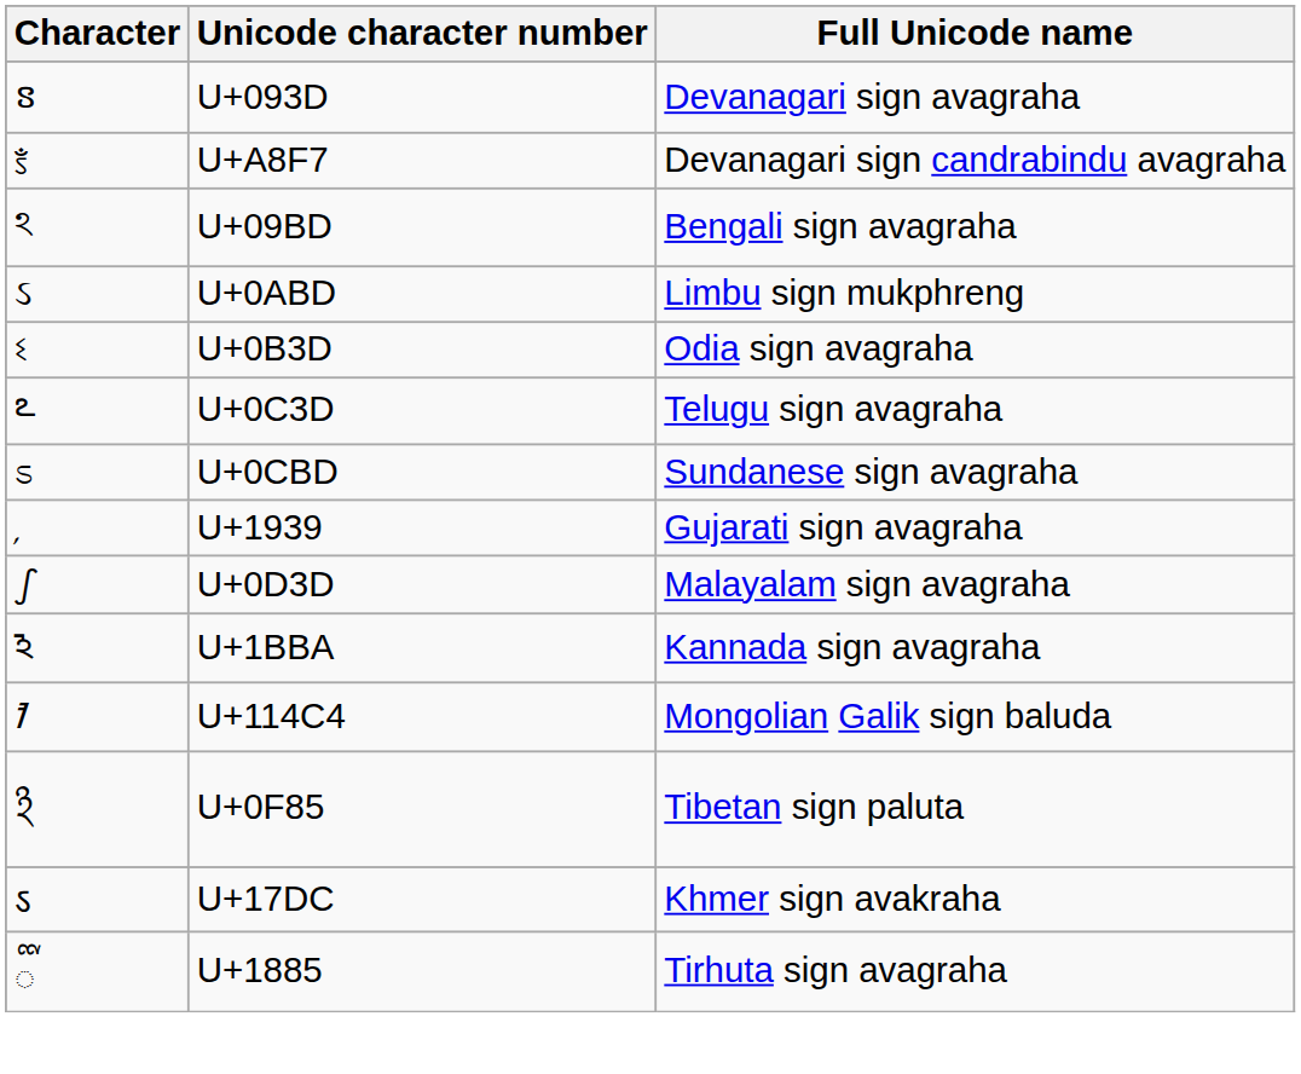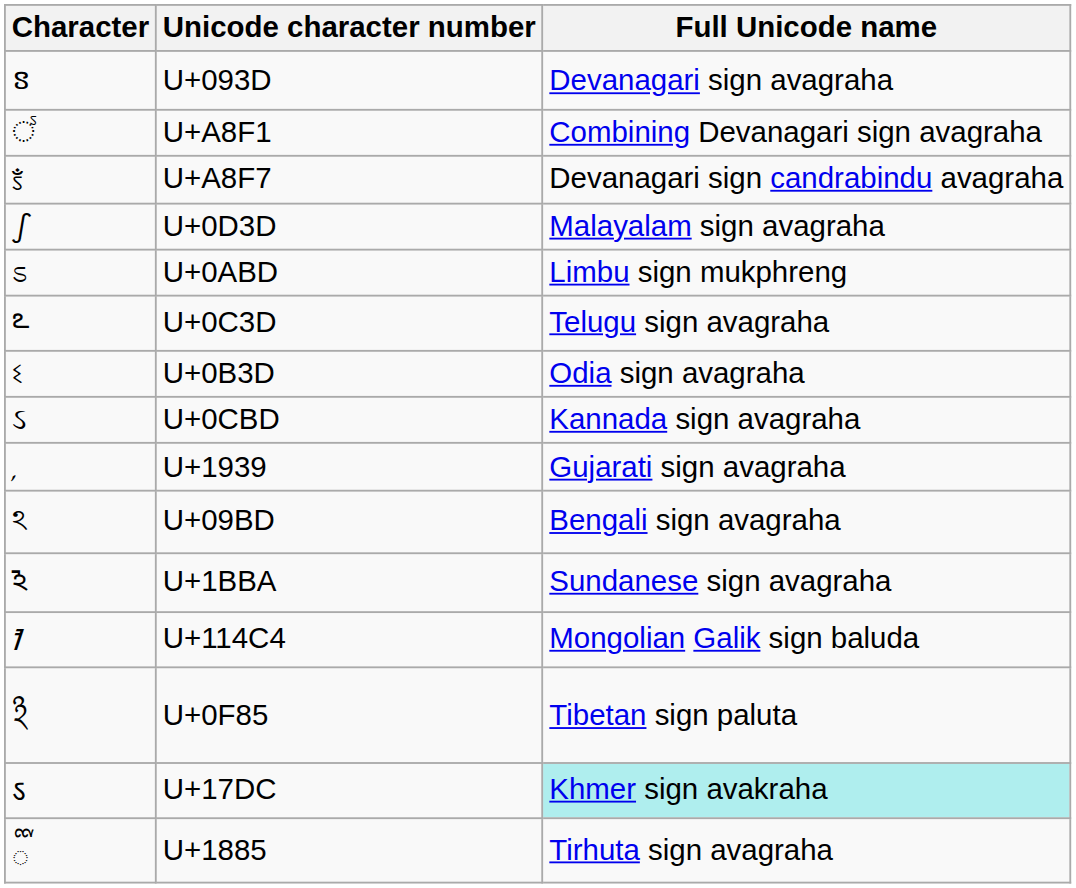 <table border="1"  class="wikitable">
 <tr>
 <th>Character</th>
 <th>Unicode character number</th>
 <th>Full Unicode name</th>
 </tr>
 <tr>
 <td>ៜ ‍‍</td>
 <td>U+093D</td>
 <td><a href='#'>Devanagari</a> sign avagraha</td>
 </tr>
 <tr>
+<td>꣱</td>
+<td>U+A8F1</td>
+<td><a href='#'>Combining</a> Devanagari sign avagraha</td>
+</tr>
+<tr>
 <td>ꣷ</td>
 <td>U+A8F7</td>
 <td>Devanagari sign <a href='#'>candrabindu</a> avagraha</td>
+</tr>
+<tr>
+<td>ഽ</td>
+<td>U+0D3D</td>
+<td><a href='#'>Malayalam</a> sign avagraha</td>
+</tr>
+<tr>
+<td>ಽ</td>
+<td>U+0ABD</td>
+<td><a href='#'>Limbu</a> sign mukphreng</td>
+</tr>
+<tr>
+<td>ఽ</td>
+<td>U+0C3D</td>
+<td><a href='#'>Telugu</a> sign avagraha</td>
+</tr>
+<tr>
+<td>ଽ</td>
+<td>U+0B3D</td>
+<td><a href='#'>Odia</a> sign avagraha</td>
+</tr>
+<tr>
+<td>ઽ</td>
+<td>U+0CBD</td>
+<td><a href='#'>Kannada</a> sign avagraha</td>
+</tr>
+<tr>
+<td>᤹</td>
+<td>U+1939</td>
+<td><a href='#'>Gujarati</a> sign avagraha</td>
 </tr>
 <tr>
 <td>ঽ</td>
 <td>U+09BD</td>
 <td><a href='#'>Bengali</a> sign avagraha</td>
 </tr>
 <tr>
-<td>ઽ</td>
-<td>U+0ABD</td>
-<td><a href='#'>Limbu</a> sign mukphreng</td>
-</tr>
-<tr>
-<td>ଽ</td>
-<td>U+0B3D</td>
-<td><a href='#'>Odia</a> sign avagraha</td>
-</tr>
-<tr>
-<td>ఽ</td>
-<td>U+0C3D</td>
-<td><a href='#'>Telugu</a> sign avagraha</td>
-</tr>
-<tr>
-<td>ಽ</td>
-<td>U+0CBD</td>
-<td><a href='#'>Sundanese</a> sign avagraha</td>
-</tr>
-<tr>
-<td>᤹</td>
-<td>U+1939</td>
-<td><a href='#'>Gujarati</a> sign avagraha</td>
-</tr>
-<tr>
-<td>ഽ</td>
-<td>U+0D3D</td>
-<td><a href='#'>Malayalam</a> sign avagraha</td>
-</tr>
-<tr>
 <td>𑓄</td>
 <td>U+1BBA</td>
-<td><a href='#'>Kannada</a> sign avagraha</td>
+<td><a href='#'>Sundanese</a> sign avagraha</td>
 </tr>
 <tr>
 <td>ᮺ</td>
 <td>U+114C4</td>
 <td><a href='#'>Mongolian</a> <a href='#'>Galik</a> sign baluda</td>
 </tr>
 <tr>
 <td>྅</td>
 <td>U+0F85</td>
 <td><a href='#'>Tibetan</a> sign paluta</td>
 </tr>
 <tr>
 <td>ऽ</td>
 <td>U+17DC</td>
-<td><a href='#'>Khmer</a> sign avakraha</td>
+<td style="background: paleturquoise;"><a href='#'>Khmer</a> sign avakraha</td>
 </tr>
 <tr>
 <td>ᢅ</td>
 <td>U+1885</td>
 <td><a href='#'>Tirhuta</a> sign avagraha</td>
 </tr>
 </table>
